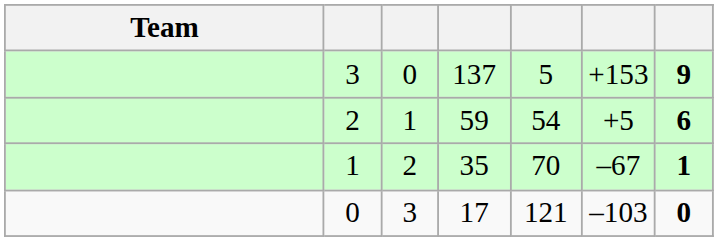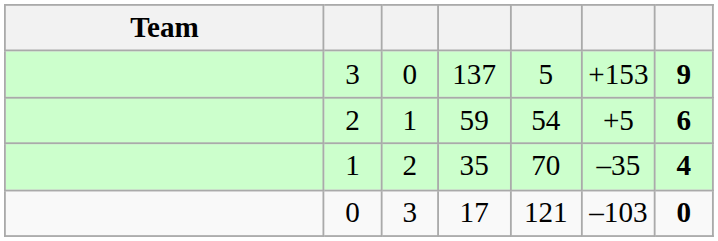 <table class="wikitable" style="text-align:center;">
 <tr>
 <th style="width:10.5em;">Team</th>
 <th style="width:1.5em;"></th>
 <th style="width:1.5em;"></th>
 <th style="width:2.0em;"></th>
 <th style="width:2.0em;"></th>
 <th style="width:2.0em;"></th>
 <th style="width:1.5em;"></th>
 </tr>
 <tr bgcolor=#cfc>
 <td align="left"></td>
 <td>3</td>
 <td>0</td>
 <td>137</td>
 <td>5</td>
 <td>+153</td>
 <td><strong>9</strong></td>
 </tr>
 <tr bgcolor=#cfc>
 <td align="left"></td>
 <td>2</td>
 <td>1</td>
 <td>59</td>
 <td>54</td>
 <td>+5</td>
 <td><strong>6</strong></td>
 </tr>
 <tr bgcolor=#cfc>
 <td align="left"></td>
 <td>1</td>
 <td>2</td>
 <td>35</td>
 <td>70</td>
-<td>–67</td>
-<td><strong>1</strong></td>
+<td>–35</td>
+<td><strong>4</strong></td>
 </tr>
 <tr>
 <td align="left"></td>
 <td>0</td>
 <td>3</td>
 <td>17</td>
 <td>121</td>
 <td>–103</td>
 <td><strong>0</strong></td>
 </tr>
 </table>
